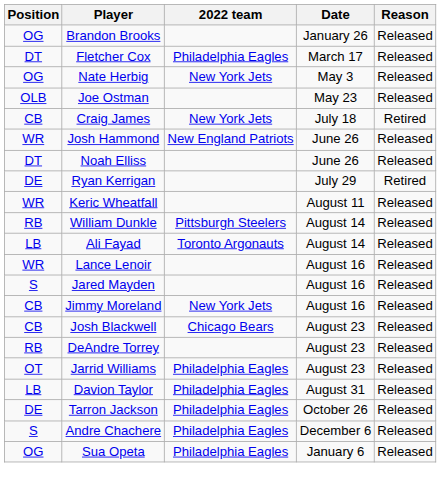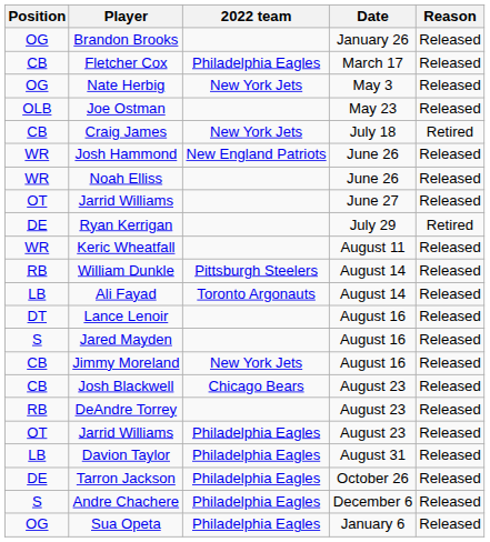 <table class="wikitable" style="text-align:center">
 <tr>
 <th>Position</th>
 <th>Player</th>
 <th>2022 team</th>
 <th>Date</th>
 <th>Reason</th>
 </tr>
 <tr>
 <td><a href='#'>OG</a></td>
 <td><a href='#'>Brandon Brooks</a></td>
 <td></td>
 <td>January 26</td>
 <td>Released</td>
 </tr>
 <tr>
-<td><a href='#'>DT</a></td>
+<td><a href='#'>CB</a></td>
 <td><a href='#'>Fletcher Cox</a></td>
 <td><a href='#'>Philadelphia Eagles</a></td>
 <td>March 17</td>
 <td>Released</td>
 </tr>
 <tr>
 <td><a href='#'>OG</a></td>
 <td><a href='#'>Nate Herbig</a></td>
 <td><a href='#'>New York Jets</a></td>
 <td>May 3</td>
 <td>Released</td>
 </tr>
 <tr>
 <td><a href='#'>OLB</a></td>
 <td><a href='#'>Joe Ostman</a></td>
 <td></td>
 <td>May 23</td>
 <td>Released</td>
 </tr>
 <tr>
 <td><a href='#'>CB</a></td>
 <td><a href='#'>Craig James</a></td>
 <td><a href='#'>New York Jets</a></td>
 <td>July 18</td>
 <td>Retired</td>
 </tr>
 <tr>
 <td><a href='#'>WR</a></td>
 <td><a href='#'>Josh Hammond</a></td>
 <td><a href='#'>New England Patriots</a></td>
 <td>June 26</td>
 <td>Released</td>
 </tr>
 <tr>
-<td><a href='#'>DT</a></td>
+<td><a href='#'>WR</a></td>
 <td><a href='#'>Noah Elliss</a></td>
 <td></td>
 <td>June 26</td>
+<td>Released</td>
+</tr>
+<tr>
+<td><a href='#'>OT</a></td>
+<td><a href='#'>Jarrid Williams</a></td>
+<td></td>
+<td>June 27</td>
 <td>Released</td>
 </tr>
 <tr>
 <td><a href='#'>DE</a></td>
 <td><a href='#'>Ryan Kerrigan</a></td>
 <td></td>
 <td>July 29</td>
 <td>Retired</td>
 </tr>
 <tr>
 <td><a href='#'>WR</a></td>
 <td><a href='#'>Keric Wheatfall</a></td>
 <td></td>
 <td>August 11</td>
 <td>Released</td>
 </tr>
 <tr>
 <td><a href='#'>RB</a></td>
 <td><a href='#'>William Dunkle</a></td>
 <td><a href='#'>Pittsburgh Steelers</a></td>
 <td>August 14</td>
 <td>Released</td>
 </tr>
 <tr>
 <td><a href='#'>LB</a></td>
 <td><a href='#'>Ali Fayad</a></td>
 <td><a href='#'>Toronto Argonauts</a></td>
 <td>August 14</td>
 <td>Released</td>
 </tr>
 <tr>
-<td><a href='#'>WR</a></td>
+<td><a href='#'>DT</a></td>
 <td><a href='#'>Lance Lenoir</a></td>
 <td></td>
 <td>August 16</td>
 <td>Released</td>
 </tr>
 <tr>
 <td><a href='#'>S</a></td>
 <td><a href='#'>Jared Mayden</a></td>
 <td></td>
 <td>August 16</td>
 <td>Released</td>
 </tr>
 <tr>
 <td><a href='#'>CB</a></td>
 <td><a href='#'>Jimmy Moreland</a></td>
 <td><a href='#'>New York Jets</a></td>
 <td>August 16</td>
 <td>Released</td>
 </tr>
 <tr>
 <td><a href='#'>CB</a></td>
 <td><a href='#'>Josh Blackwell</a></td>
 <td><a href='#'>Chicago Bears</a></td>
 <td>August 23</td>
 <td>Released</td>
 </tr>
 <tr>
 <td><a href='#'>RB</a></td>
 <td><a href='#'>DeAndre Torrey</a></td>
 <td></td>
 <td>August 23</td>
 <td>Released</td>
 </tr>
 <tr>
 <td><a href='#'>OT</a></td>
 <td><a href='#'>Jarrid Williams</a></td>
 <td><a href='#'>Philadelphia Eagles</a></td>
 <td>August 23</td>
 <td>Released</td>
 </tr>
 <tr>
 <td><a href='#'>LB</a></td>
 <td><a href='#'>Davion Taylor</a></td>
 <td><a href='#'>Philadelphia Eagles</a></td>
 <td>August 31</td>
 <td>Released</td>
 </tr>
 <tr>
 <td><a href='#'>DE</a></td>
 <td><a href='#'>Tarron Jackson</a></td>
 <td><a href='#'>Philadelphia Eagles</a></td>
 <td>October 26</td>
 <td>Released</td>
 </tr>
 <tr>
 <td><a href='#'>S</a></td>
 <td><a href='#'>Andre Chachere</a></td>
 <td><a href='#'>Philadelphia Eagles</a></td>
 <td>December 6</td>
 <td>Released</td>
 </tr>
 <tr>
 <td><a href='#'>OG</a></td>
 <td><a href='#'>Sua Opeta</a></td>
 <td><a href='#'>Philadelphia Eagles</a></td>
 <td>January 6</td>
 <td>Released</td>
 </tr>
 </table>
